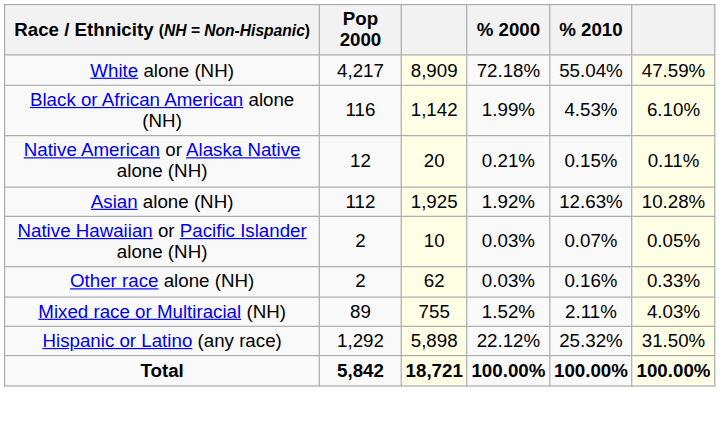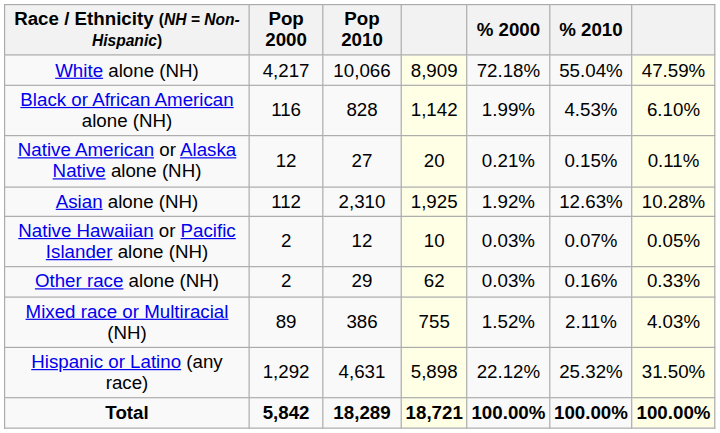 <table class="wikitable" style="text-align:center;">
 <tr>
 <th>Race / Ethnicity <small>(<em>NH = Non-Hispanic</em>)</small></th>
 <th>Pop 2000</th>
+<th>Pop 2010</th>
 <th></th>
 <th>% 2000</th>
 <th>% 2010</th>
 <th></th>
 </tr>
 <tr>
 <td><a href='#'>White</a> alone (NH)</td>
 <td>4,217</td>
+<td>10,066</td>
 <td style='background: #ffffe6;'>8,909</td>
 <td>72.18%</td>
 <td>55.04%</td>
 <td style='background: #ffffe6;'>47.59%</td>
 </tr>
 <tr>
 <td><a href='#'>Black or African American</a> alone (NH)</td>
 <td>116</td>
+<td>828</td>
 <td style='background: #ffffe6;'>1,142</td>
 <td>1.99%</td>
 <td>4.53%</td>
 <td style='background: #ffffe6;'>6.10%</td>
 </tr>
 <tr>
 <td><a href='#'>Native American</a> or <a href='#'>Alaska Native</a> alone (NH)</td>
 <td>12</td>
+<td>27</td>
 <td style='background: #ffffe6;'>20</td>
 <td>0.21%</td>
 <td>0.15%</td>
 <td style='background: #ffffe6;'>0.11%</td>
 </tr>
 <tr>
 <td><a href='#'>Asian</a> alone (NH)</td>
 <td>112</td>
+<td>2,310</td>
 <td style='background: #ffffe6;'>1,925</td>
 <td>1.92%</td>
 <td>12.63%</td>
 <td style='background: #ffffe6;'>10.28%</td>
 </tr>
 <tr>
 <td><a href='#'>Native Hawaiian</a> or <a href='#'>Pacific Islander</a> alone (NH)</td>
 <td>2</td>
+<td>12</td>
 <td style='background: #ffffe6;'>10</td>
 <td>0.03%</td>
 <td>0.07%</td>
 <td style='background: #ffffe6;'>0.05%</td>
 </tr>
 <tr>
 <td><a href='#'>Other race</a> alone (NH)</td>
 <td>2</td>
+<td>29</td>
 <td style='background: #ffffe6;'>62</td>
 <td>0.03%</td>
 <td>0.16%</td>
 <td style='background: #ffffe6;'>0.33%</td>
 </tr>
 <tr>
 <td><a href='#'>Mixed race or Multiracial</a> (NH)</td>
 <td>89</td>
+<td>386</td>
 <td style='background: #ffffe6;'>755</td>
 <td>1.52%</td>
 <td>2.11%</td>
 <td style='background: #ffffe6;'>4.03%</td>
 </tr>
 <tr>
 <td><a href='#'>Hispanic or Latino</a> (any race)</td>
 <td>1,292</td>
+<td>4,631</td>
 <td style='background: #ffffe6;'>5,898</td>
 <td>22.12%</td>
 <td>25.32%</td>
 <td style='background: #ffffe6;'>31.50%</td>
 </tr>
 <tr>
 <td><strong>Total</strong></td>
 <td><strong>5,842</strong></td>
+<td><strong>18,289</strong></td>
 <td style='background: #ffffe6;'><strong>18,721</strong></td>
 <td><strong>100.00%</strong></td>
 <td><strong>100.00%</strong></td>
 <td style='background: #ffffe6;'><strong>100.00%</strong></td>
 </tr>
 </table>
